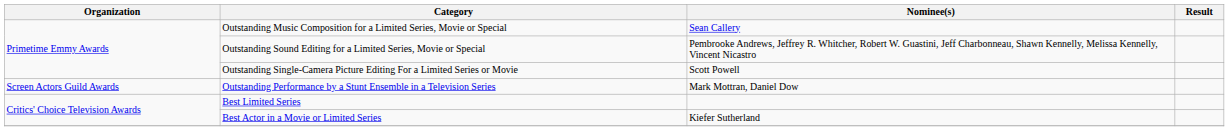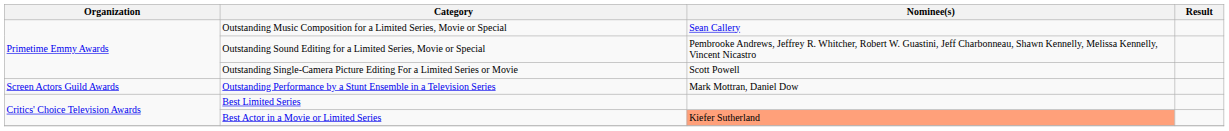 <table class="wikitable">
 <tr>
 <th>Organization</th>
 <th>Category</th>
 <th style="width:40%;">Nominee(s)</th>
 <th>Result</th>
 </tr>
 <tr>
 <td rowspan=3><a href='#'>Primetime Emmy Awards</a></td>
 <td>Outstanding Music Composition for a Limited Series, Movie or Special</td>
 <td><a href='#'>Sean Callery</a></td>
 <td></td>
 </tr>
 <tr>
 <td>Outstanding Sound Editing for a Limited Series, Movie or Special</td>
 <td>Pembrooke Andrews, Jeffrey R. Whitcher, Robert W. Guastini, Jeff Charbonneau, Shawn Kennelly, Melissa Kennelly, Vincent Nicastro</td>
 <td></td>
 </tr>
 <tr>
 <td>Outstanding Single-Camera Picture Editing For a Limited Series or Movie</td>
 <td>Scott Powell</td>
 <td></td>
 </tr>
 <tr>
 <td><a href='#'>Screen Actors Guild Awards</a></td>
 <td><a href='#'>Outstanding Performance by a Stunt Ensemble in a Television Series</a></td>
 <td>Mark Mottran, Daniel Dow</td>
 <td></td>
 </tr>
 <tr>
 <td rowspan=2><a href='#'>Critics' Choice Television Awards</a></td>
 <td><a href='#'>Best Limited Series</a></td>
 <td></td>
 <td></td>
 </tr>
 <tr>
 <td><a href='#'>Best Actor in a Movie or Limited Series</a></td>
-<td>Kiefer Sutherland</td>
+<td style="background: lightsalmon;">Kiefer Sutherland</td>
 <td></td>
 </tr>
 <tr>
 </tr>
 </table>
